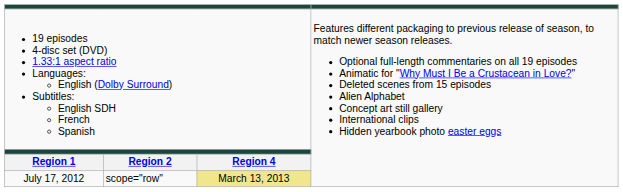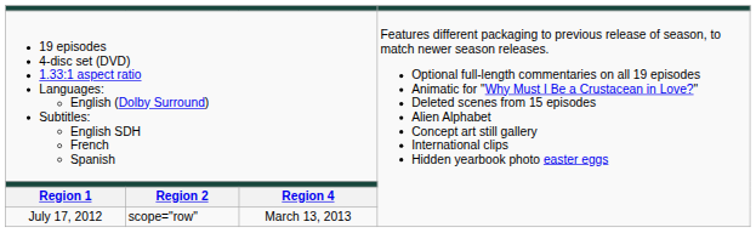 <table class="wikitable" style="width:60em;">
 <tr>
 <th style="background-color:#18473D;" scope="col" colspan="3" width="50%"></th>
 <th style="background-color:#18473D;" scope="col" width="50%"></th>
 </tr>
 <tr>
 <td valign="top" colspan="3" scope="row"><br><ul><li>19 episodes</li><li>4-disc set (DVD)</li><li><a href='#'>1.33:1 aspect ratio</a></li><li>Languages:<ul><li>English (<a href='#'>Dolby Surround</a>)</li></ul></li><li>Subtitles:<ul><li>English SDH</li><li>French</li><li>Spanish</li></ul></li></ul></td>
 <td valign="top" rowspan="4" scope="row"><br>Features different packaging to previous release of season, to match newer season releases.<ul><li>Optional full-length commentaries on all 19 episodes</li><li>Animatic for "<a href='#'>Why Must I Be a Crustacean in Love?</a>"</li><li>Deleted scenes from 15 episodes</li><li>Alien Alphabet</li><li>Concept art still gallery</li><li>International clips</li><li>Hidden yearbook photo <a href='#'>easter eggs</a></li></ul></td>
 </tr>
 <tr>
 <th style="background-color:#18473D;" scope="col" colspan="3"></th>
 </tr>
 <tr>
 <th scope="col"><a href='#'>Region 1</a></th>
 <th scope="col"><a href='#'>Region 2</a></th>
 <th scope="col"><a href='#'>Region 4</a></th>
 </tr>
 <tr>
 <td scope="row" align="center">July 17, 2012</td>
 <td>scope="row" </td>
-<td scope="row" align="center" style="background: khaki;">March 13, 2013</td>
+<td scope="row" align="center">March 13, 2013</td>
 </tr>
 </table>
